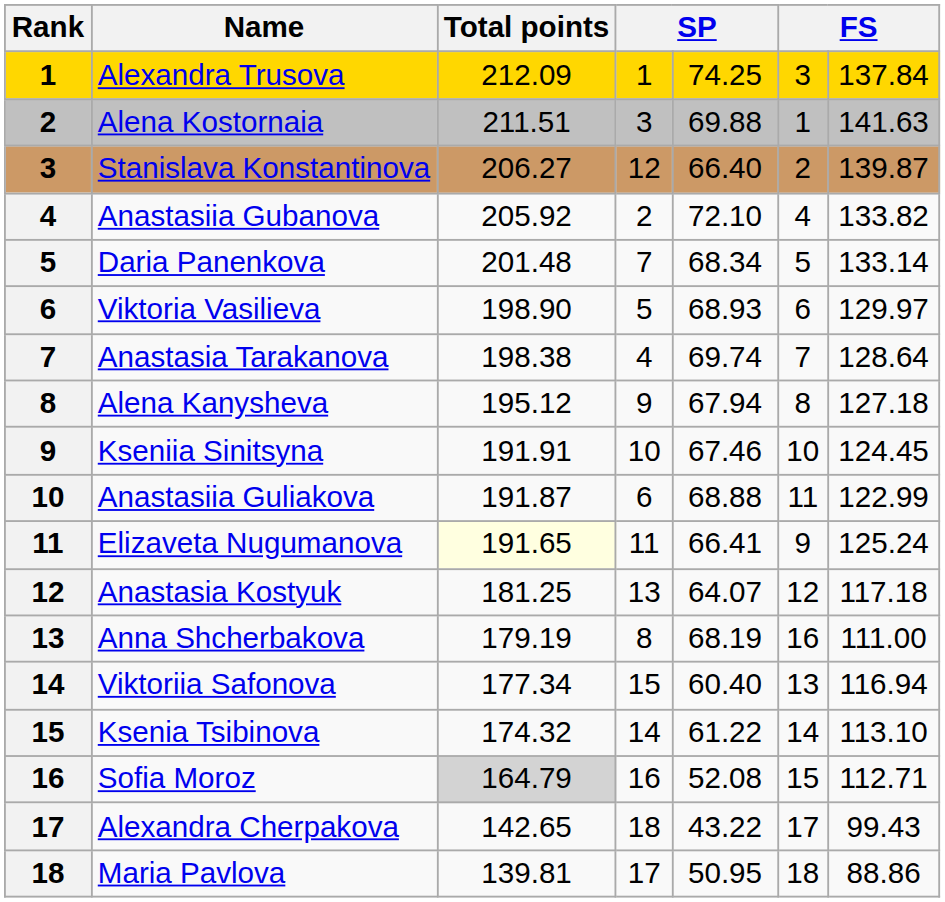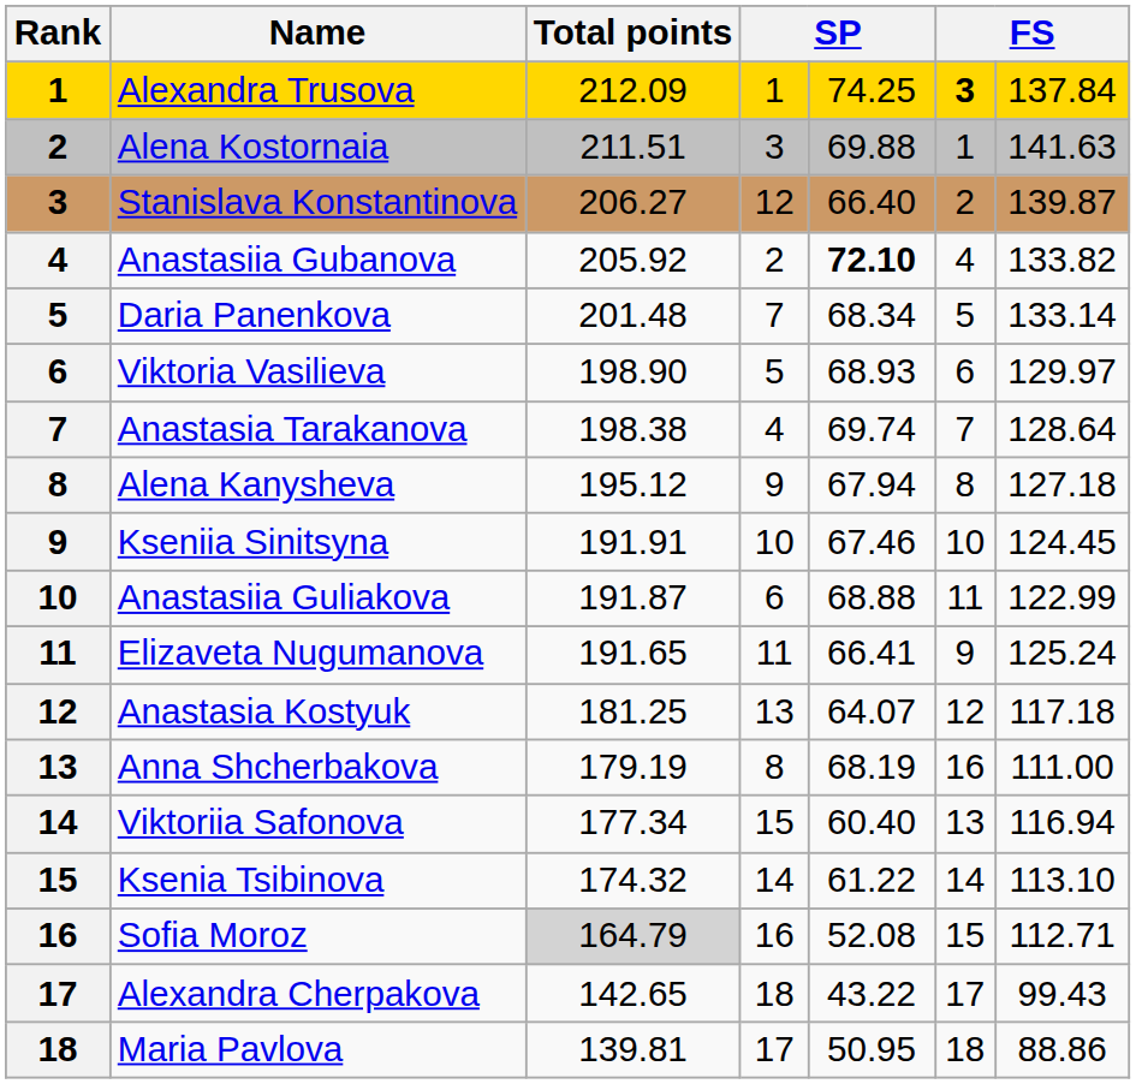 <table class="wikitable sortable">
 <tr>
 <th>Rank</th>
 <th>Name</th>
 <th>Total points</th>
 <th colspan="2" width="80px"><a href='#'>SP</a></th>
 <th colspan="2" width="80px"><a href='#'>FS</a></th>
 </tr>
 <tr bgcolor="gold">
 <td align="center"><strong>1</strong></td>
 <td><a href='#'>Alexandra Trusova</a></td>
 <td align="center">212.09</td>
 <td align="center">1</td>
 <td align="center">74.25</td>
-<td align="center">3</td>
+<td align="center"><strong>3</strong></td>
 <td align="center">137.84</td>
 </tr>
 <tr bgcolor="silver">
 <td align="center"><strong>2</strong></td>
 <td><a href='#'>Alena Kostornaia</a></td>
 <td align="center">211.51</td>
 <td align="center">3</td>
 <td align="center">69.88</td>
 <td align="center">1</td>
 <td align="center">141.63</td>
 </tr>
 <tr bgcolor="cc9966">
 <td align="center"><strong>3</strong></td>
 <td><a href='#'>Stanislava Konstantinova</a></td>
 <td align="center">206.27</td>
 <td align="center">12</td>
 <td align="center">66.40</td>
 <td align="center">2</td>
 <td align="center">139.87</td>
 </tr>
 <tr>
 <th>4</th>
 <td><a href='#'>Anastasiia Gubanova</a></td>
 <td align="center">205.92</td>
 <td align="center">2</td>
-<td align="center">72.10</td>
+<td align="center"><strong>72.10</strong></td>
 <td align="center">4</td>
 <td align="center">133.82</td>
 </tr>
 <tr>
 <th>5</th>
 <td><a href='#'>Daria Panenkova</a></td>
 <td align="center">201.48</td>
 <td align="center">7</td>
 <td align="center">68.34</td>
 <td align="center">5</td>
 <td align="center">133.14</td>
 </tr>
 <tr>
 <th>6</th>
 <td><a href='#'>Viktoria Vasilieva</a></td>
 <td align="center">198.90</td>
 <td align="center">5</td>
 <td align="center">68.93</td>
 <td align="center">6</td>
 <td align="center">129.97</td>
 </tr>
 <tr>
 <th>7</th>
 <td><a href='#'>Anastasia Tarakanova</a></td>
 <td align="center">198.38</td>
 <td align="center">4</td>
 <td align="center">69.74</td>
 <td align="center">7</td>
 <td align="center">128.64</td>
 </tr>
 <tr>
 <th>8</th>
 <td><a href='#'>Alena Kanysheva</a></td>
 <td align="center">195.12</td>
 <td align="center">9</td>
 <td align="center">67.94</td>
 <td align="center">8</td>
 <td align="center">127.18</td>
 </tr>
 <tr>
 <th>9</th>
 <td><a href='#'>Kseniia Sinitsyna</a></td>
 <td align="center">191.91</td>
 <td align="center">10</td>
 <td align="center">67.46</td>
 <td align="center">10</td>
 <td align="center">124.45</td>
 </tr>
 <tr>
 <th>10</th>
 <td><a href='#'>Anastasiia Guliakova</a></td>
 <td align="center">191.87</td>
 <td align="center">6</td>
 <td align="center">68.88</td>
 <td align="center">11</td>
 <td align="center">122.99</td>
 </tr>
 <tr>
 <th>11</th>
 <td><a href='#'>Elizaveta Nugumanova</a></td>
-<td align="center" style="background: lightyellow;">191.65</td>
+<td align="center">191.65</td>
 <td align="center">11</td>
 <td align="center">66.41</td>
 <td align="center">9</td>
 <td align="center">125.24</td>
 </tr>
 <tr>
 <th>12</th>
 <td><a href='#'>Anastasia Kostyuk</a></td>
 <td align="center">181.25</td>
 <td align="center">13</td>
 <td align="center">64.07</td>
 <td align="center">12</td>
 <td align="center">117.18</td>
 </tr>
 <tr>
 <th>13</th>
 <td><a href='#'>Anna Shcherbakova</a></td>
 <td align="center">179.19</td>
 <td align="center">8</td>
 <td align="center">68.19</td>
 <td align="center">16</td>
 <td align="center">111.00</td>
 </tr>
 <tr>
 <th>14</th>
 <td><a href='#'>Viktoriia Safonova</a></td>
 <td align="center">177.34</td>
 <td align="center">15</td>
 <td align="center">60.40</td>
 <td align="center">13</td>
 <td align="center">116.94</td>
 </tr>
 <tr>
 <th>15</th>
 <td><a href='#'>Ksenia Tsibinova</a></td>
 <td align="center">174.32</td>
 <td align="center">14</td>
 <td align="center">61.22</td>
 <td align="center">14</td>
 <td align="center">113.10</td>
 </tr>
 <tr>
 <th>16</th>
 <td><a href='#'>Sofia Moroz</a></td>
 <td align="center" style="background: lightgrey;">164.79</td>
 <td align="center">16</td>
 <td align="center">52.08</td>
 <td align="center">15</td>
 <td align="center">112.71</td>
 </tr>
 <tr>
 <th>17</th>
 <td><a href='#'>Alexandra Cherpakova</a></td>
 <td align="center">142.65</td>
 <td align="center">18</td>
 <td align="center">43.22</td>
 <td align="center">17</td>
 <td align="center">99.43</td>
 </tr>
 <tr>
 <th>18</th>
 <td><a href='#'>Maria Pavlova</a></td>
 <td align="center">139.81</td>
 <td align="center">17</td>
 <td align="center">50.95</td>
 <td align="center">18</td>
 <td align="center">88.86</td>
 </tr>
 </table>
